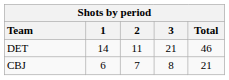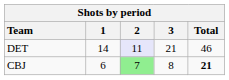 <table class="wikitable" style="width:20em; text-align:right;">
 <tr>
 <th colspan=6>Shots by period</th>
 </tr>
 <tr>
 <th style="width:8em; text-align:left;">Team</th>
 <th style="width:3em;">1</th>
 <th style="width:3em;">2</th>
 <th style="width:3em;">3</th>
 <th style="width:3em;">Total</th>
 </tr>
 <tr>
 <td style="text-align:left;">DET</td>
 <td align=center>14</td>
-<td align=center>11</td>
+<td align=center style="background: lavender;">11</td>
 <td align=center>21</td>
 <td align=center>46</td>
 </tr>
 <tr>
 <td style="text-align:left;">CBJ</td>
 <td align=center>6</td>
-<td align=center>7</td>
+<td align=center style="background: lightgreen;">7</td>
 <td align=center>8</td>
-<td align=center>21</td>
+<td align=center><strong>21</strong></td>
 </tr>
 </table>
